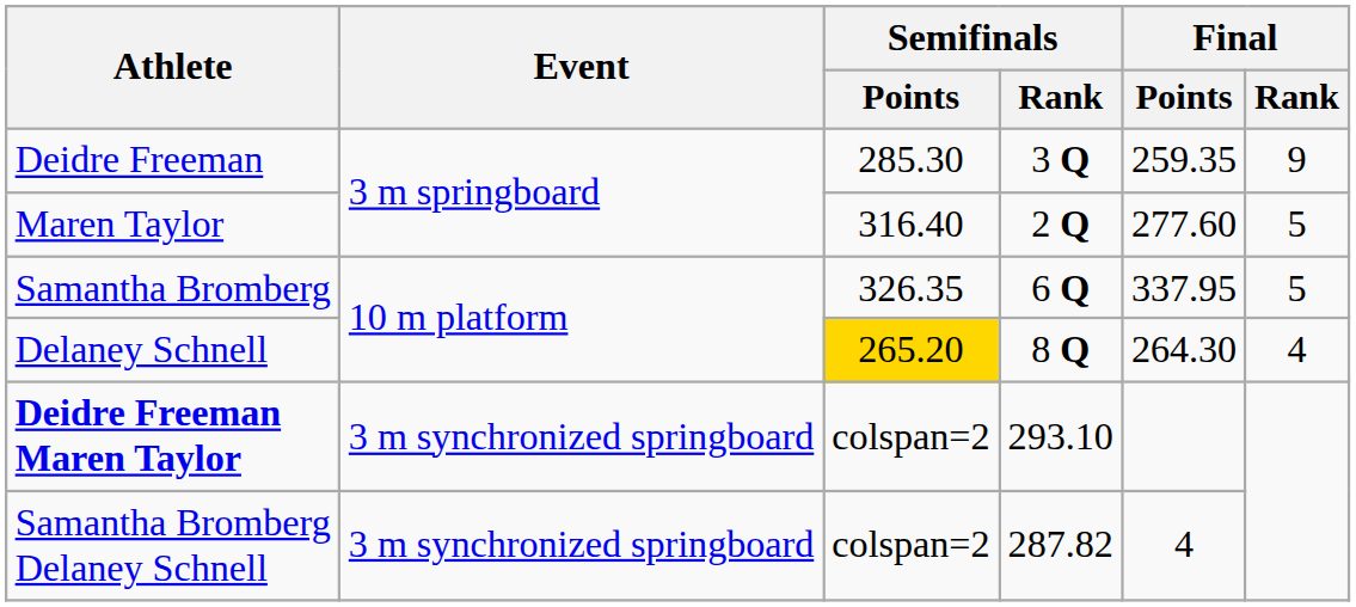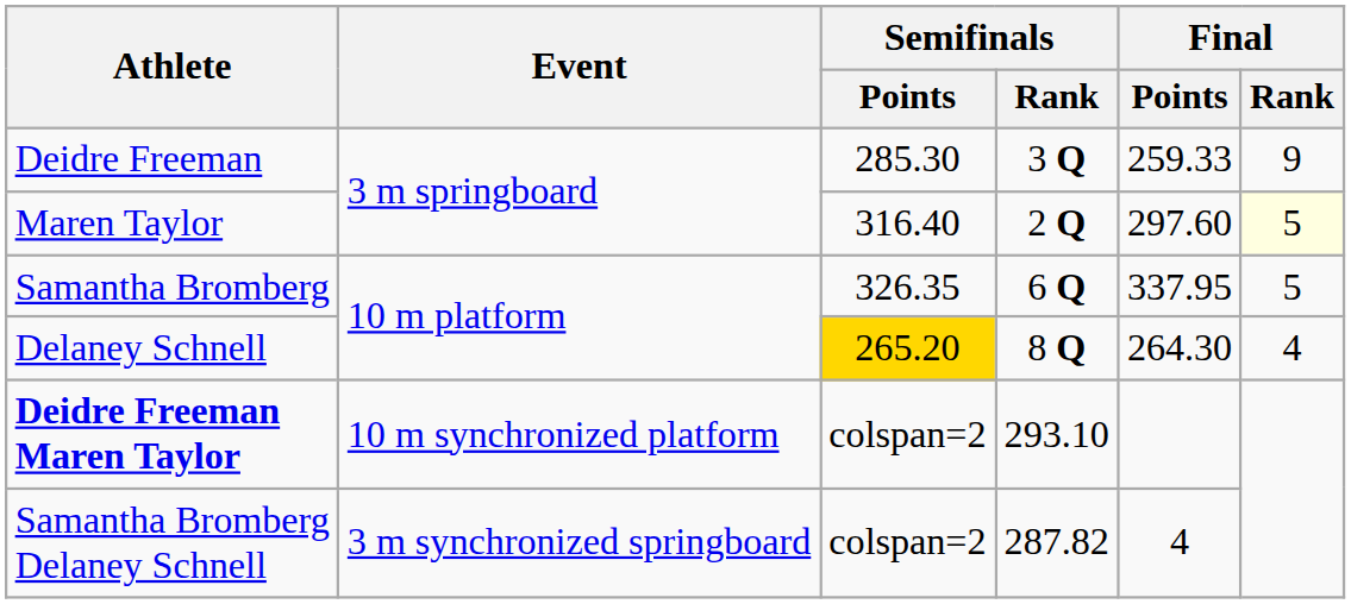 <table class="wikitable" style="font-size:90%;">
 <tr>
 <th rowspan=2>Athlete</th>
 <th rowspan=2>Event</th>
 <th colspan=2>Semifinals</th>
 <th colspan=2>Final</th>
 </tr>
 <tr style="font-size:95%">
 <th>Points</th>
 <th>Rank</th>
 <th>Points</th>
 <th>Rank</th>
 </tr>
 <tr align=center>
 <td align=left><a href='#'>Deidre Freeman</a></td>
 <td align=left rowspan=2><a href='#'>3 m springboard</a></td>
 <td>285.30</td>
 <td>3 <strong>Q</strong></td>
-<td>259.35</td>
+<td>259.33</td>
 <td>9</td>
 </tr>
 <tr align=center>
 <td align=left><a href='#'>Maren Taylor</a></td>
 <td>316.40</td>
 <td>2 <strong>Q</strong></td>
-<td>277.60</td>
-<td>5</td>
+<td>297.60</td>
+<td style="background: lightyellow;">5</td>
 </tr>
 <tr align=center>
 <td align=left><a href='#'>Samantha Bromberg</a></td>
 <td align=left rowspan=2><a href='#'>10 m platform</a></td>
 <td>326.35</td>
 <td>6 <strong>Q</strong></td>
 <td>337.95</td>
 <td>5</td>
 </tr>
 <tr align=center>
 <td align=left><a href='#'>Delaney Schnell</a></td>
 <td style="background: gold;">265.20</td>
 <td>8 <strong>Q</strong></td>
 <td>264.30</td>
 <td>4</td>
 </tr>
 <tr align=center>
 <td align=left><strong><a href='#'>Deidre Freeman</a><br><a href='#'>Maren Taylor</a></strong></td>
-<td align=left><a href='#'>3 m synchronized springboard</a></td>
+<td align=left><a href='#'>10 m synchronized platform</a></td>
 <td>colspan=2 </td>
 <td>293.10</td>
 <td></td>
 </tr>
 <tr align=center>
 <td align=left><a href='#'>Samantha Bromberg</a><br><a href='#'>Delaney Schnell</a></td>
 <td align=left><a href='#'>3 m synchronized springboard</a></td>
 <td>colspan=2 </td>
 <td>287.82</td>
 <td>4</td>
 </tr>
 </table>
